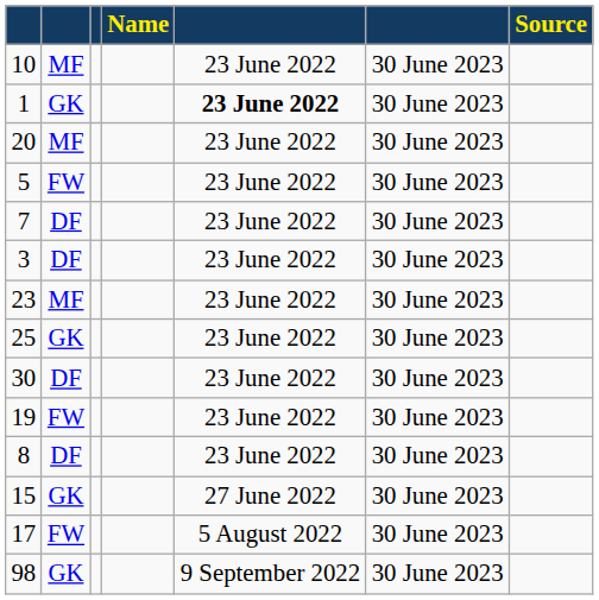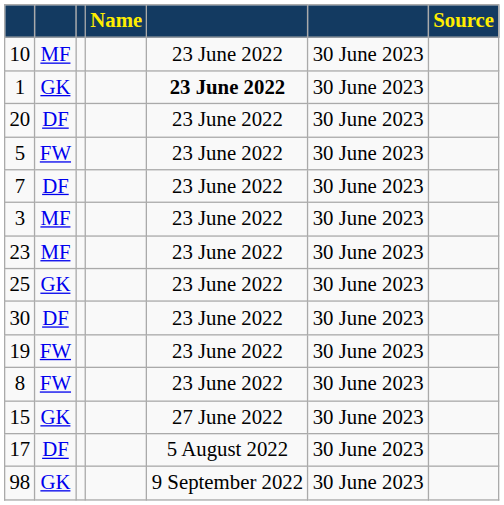 <table class="wikitable plainrowheaders sortable" style="text-align:center">
 <tr>
 <th style="background:#133A61; color:#FFED00; "></th>
 <th style="background:#133A61; color:#FFED00; "></th>
 <th style="background:#133A61; color:#FFED00; "></th>
 <th style="background:#133A61; color:#FFED00; "><strong>Name</strong></th>
 <th style="background:#133A61; color:#FFED00; "></th>
 <th style="background:#133A61; color:#FFED00; "></th>
 <th style="background:#133A61; color:#FFED00; "><strong>Source</strong></th>
 </tr>
 <tr>
 <td style="text-align:center;">10</td>
 <td style="text-align:center;"><a href='#'>MF</a></td>
 <td style="text-align:center;"></td>
 <td></td>
 <td>23 June 2022</td>
 <td>30 June 2023</td>
 <td style="text-align:center;"></td>
 </tr>
 <tr>
 <td style="text-align:center;">1</td>
 <td style="text-align:center;"><a href='#'>GK</a></td>
 <td style="text-align:center;"></td>
 <td></td>
 <td><strong>23 June 2022</strong></td>
 <td>30 June 2023</td>
 <td style="text-align:center;"></td>
 </tr>
 <tr>
 <td style="text-align:center;">20</td>
-<td style="text-align:center;"><a href='#'>MF</a></td>
+<td style="text-align:center;"><a href='#'>DF</a></td>
 <td style="text-align:center;"></td>
 <td></td>
 <td>23 June 2022</td>
 <td>30 June 2023</td>
 <td style="text-align:center;"></td>
 </tr>
 <tr>
 <td style="text-align:center;">5</td>
 <td style="text-align:center;"><a href='#'>FW</a></td>
 <td style="text-align:center;"></td>
 <td></td>
 <td>23 June 2022</td>
 <td>30 June 2023</td>
 <td style="text-align:center;"></td>
 </tr>
 <tr>
 <td style="text-align:center;">7</td>
 <td style="text-align:center;"><a href='#'>DF</a></td>
 <td style="text-align:center;"></td>
 <td></td>
 <td>23 June 2022</td>
 <td>30 June 2023</td>
 <td style="text-align:center;"></td>
 </tr>
 <tr>
 <td style="text-align:center;">3</td>
-<td style="text-align:center;"><a href='#'>DF</a></td>
+<td style="text-align:center;"><a href='#'>MF</a></td>
 <td style="text-align:center;"></td>
 <td></td>
 <td>23 June 2022</td>
 <td>30 June 2023</td>
 <td style="text-align:center;"></td>
 </tr>
 <tr>
 <td style="text-align:center;">23</td>
 <td style="text-align:center;"><a href='#'>MF</a></td>
 <td style="text-align:center;"></td>
 <td></td>
 <td>23 June 2022</td>
 <td>30 June 2023</td>
 <td style="text-align:center;"></td>
 </tr>
 <tr>
 <td style="text-align:center;">25</td>
 <td style="text-align:center;"><a href='#'>GK</a></td>
 <td style="text-align:center;"></td>
 <td></td>
 <td>23 June 2022</td>
 <td>30 June 2023</td>
 <td style="text-align:center;"></td>
 </tr>
 <tr>
 <td style="text-align:center;">30</td>
 <td style="text-align:center;"><a href='#'>DF</a></td>
 <td style="text-align:center;"></td>
 <td></td>
 <td>23 June 2022</td>
 <td>30 June 2023</td>
 <td style="text-align:center;"></td>
 </tr>
 <tr>
 <td style="text-align:center;">19</td>
 <td style="text-align:center;"><a href='#'>FW</a></td>
 <td style="text-align:center;"></td>
 <td></td>
 <td>23 June 2022</td>
 <td>30 June 2023</td>
 <td style="text-align:center;"></td>
 </tr>
 <tr>
 <td style="text-align:center;">8</td>
-<td style="text-align:center;"><a href='#'>DF</a></td>
+<td style="text-align:center;"><a href='#'>FW</a></td>
 <td style="text-align:center;"></td>
 <td></td>
 <td>23 June 2022</td>
 <td>30 June 2023</td>
 <td style="text-align:center;"></td>
 </tr>
 <tr>
 <td style="text-align:center;">15</td>
 <td style="text-align:center;"><a href='#'>GK</a></td>
 <td style="text-align:center;"></td>
 <td></td>
 <td>27 June 2022</td>
 <td>30 June 2023</td>
 <td style="text-align:center;"></td>
 </tr>
 <tr>
 <td style="text-align:center;">17</td>
-<td style="text-align:center;"><a href='#'>FW</a></td>
+<td style="text-align:center;"><a href='#'>DF</a></td>
 <td style="text-align:center;"></td>
 <td></td>
 <td>5 August 2022</td>
 <td>30 June 2023</td>
 <td style="text-align:center;"></td>
 </tr>
 <tr>
 <td style="text-align:center;">98</td>
 <td style="text-align:center;"><a href='#'>GK</a></td>
 <td style="text-align:center;"></td>
 <td></td>
 <td>9 September 2022</td>
 <td>30 June 2023</td>
 <td style="text-align:center;"></td>
 </tr>
 </table>
